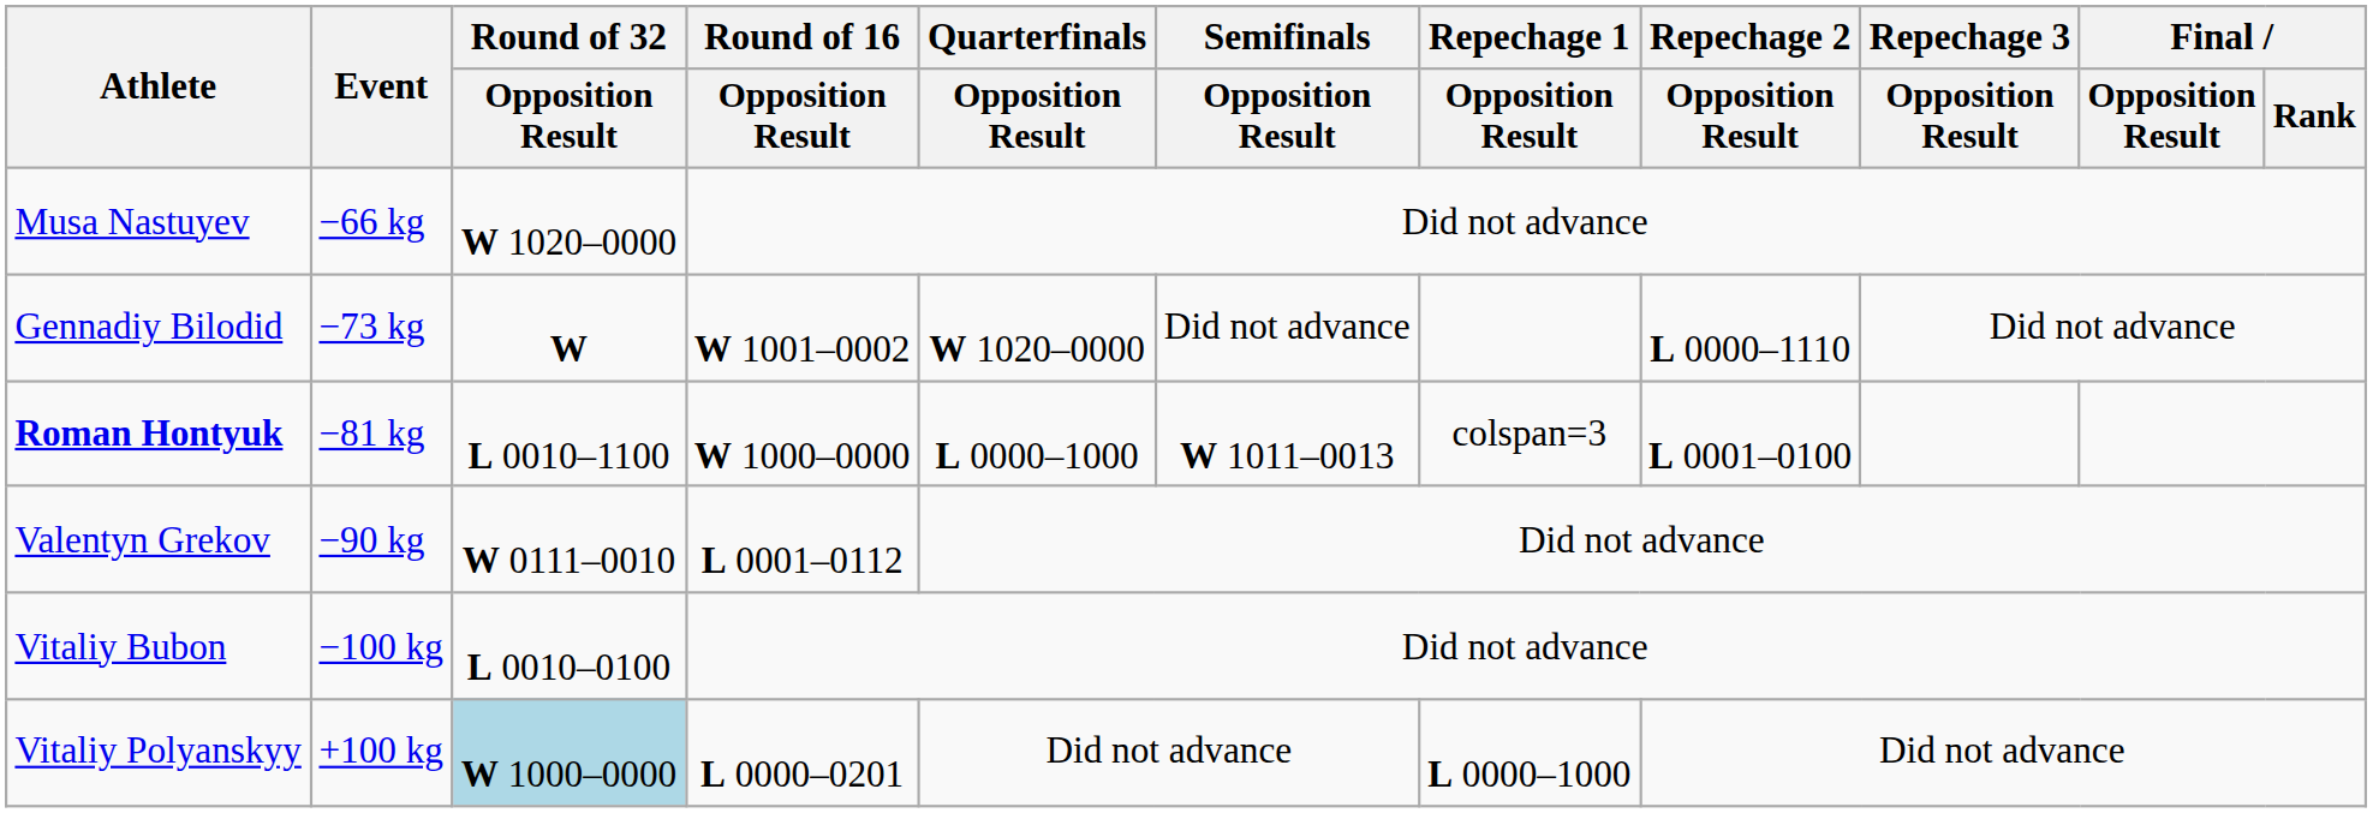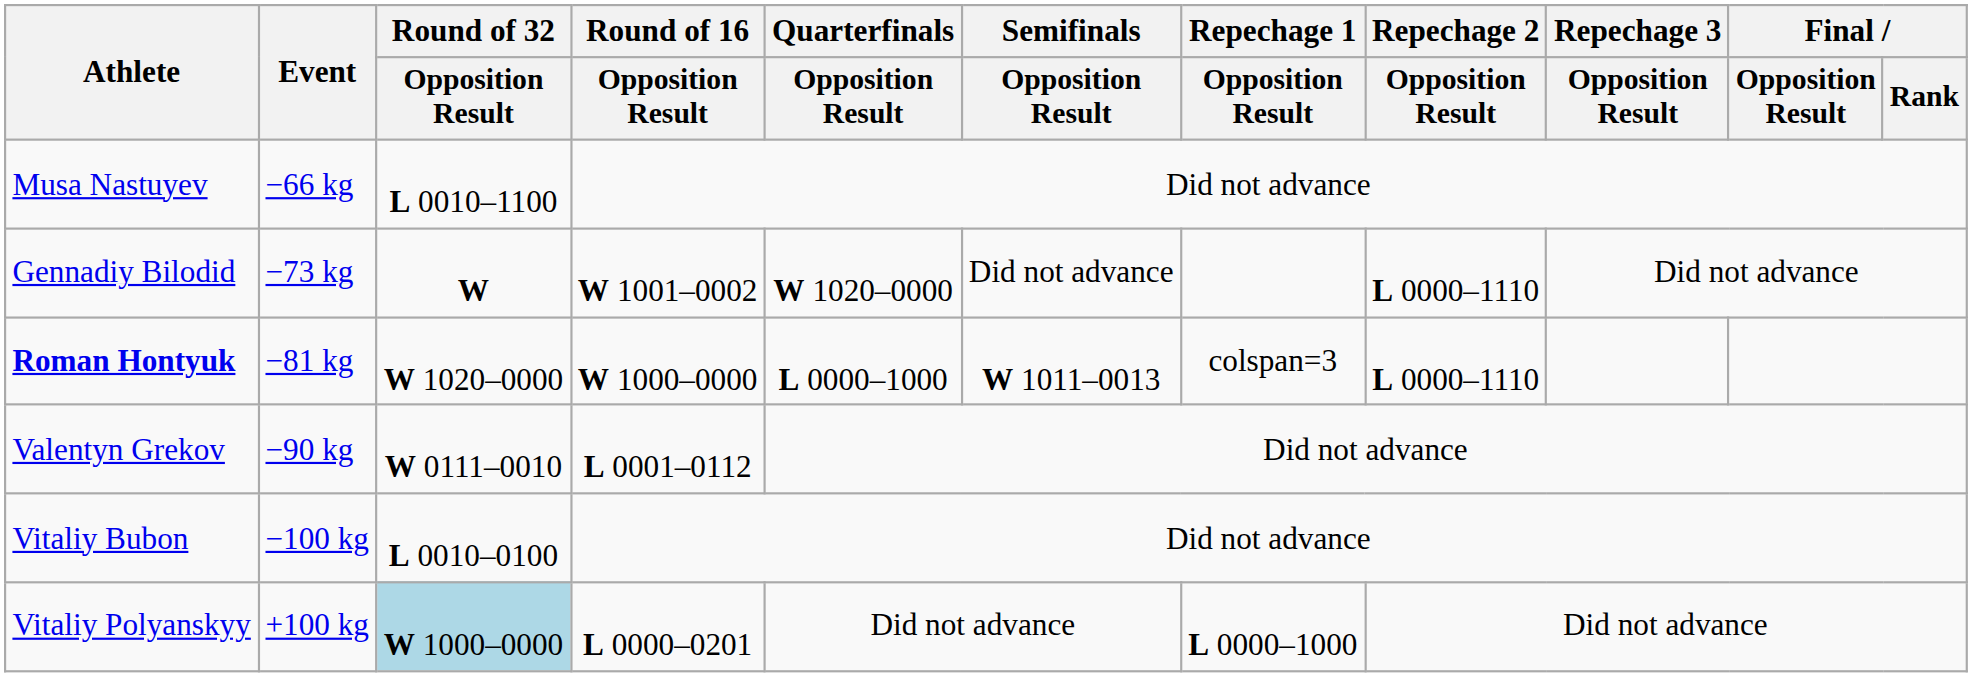 <table class="wikitable" style="font-size:90%">
 <tr>
 <th rowspan="2">Athlete</th>
 <th rowspan="2">Event</th>
 <th>Round of 32</th>
 <th>Round of 16</th>
 <th>Quarterfinals</th>
 <th>Semifinals</th>
 <th>Repechage 1</th>
 <th>Repechage 2</th>
 <th>Repechage 3</th>
 <th colspan=2>Final / </th>
 </tr>
 <tr style="font-size:95%">
 <th>Opposition<br>Result</th>
 <th>Opposition<br>Result</th>
 <th>Opposition<br>Result</th>
 <th>Opposition<br>Result</th>
 <th>Opposition<br>Result</th>
 <th>Opposition<br>Result</th>
 <th>Opposition<br>Result</th>
 <th>Opposition<br>Result</th>
 <th>Rank</th>
 </tr>
 <tr align=center>
 <td align=left><a href='#'>Musa Nastuyev</a></td>
 <td align=left><a href='#'>−66 kg</a></td>
-<td><br><strong>W</strong> 1020–0000</td>
+<td><br><strong>L</strong> 0010–1100</td>
 <td colspan=8>Did not advance</td>
 </tr>
 <tr align=center>
 <td align=left><a href='#'>Gennadiy Bilodid</a></td>
 <td align=left><a href='#'>−73 kg</a></td>
 <td><br><strong>W</strong> </td>
 <td><br><strong>W</strong> 1001–0002</td>
 <td><br><strong>W</strong> 1020–0000</td>
 <td>Did not advance</td>
 <td></td>
 <td><br><strong>L</strong> 0000–1110</td>
 <td colspan=3>Did not advance</td>
 </tr>
 <tr align=center>
 <td align=left><strong><a href='#'>Roman Hontyuk</a></strong></td>
 <td align=left><a href='#'>−81 kg</a></td>
-<td><br><strong>L</strong> 0010–1100</td>
+<td><br><strong>W</strong> 1020–0000</td>
 <td><br><strong>W</strong> 1000–0000</td>
 <td><br><strong>L</strong> 0000–1000</td>
 <td><br><strong>W</strong> 1011–0013</td>
 <td>colspan=3 </td>
-<td><br><strong>L</strong> 0001–0100</td>
+<td><br><strong>L</strong> 0000–1110</td>
 <td></td>
 </tr>
 <tr align=center>
 <td align=left><a href='#'>Valentyn Grekov</a></td>
 <td align=left><a href='#'>−90 kg</a></td>
 <td><br><strong>W</strong> 0111–0010</td>
 <td><br><strong>L</strong> 0001–0112</td>
 <td colspan=7>Did not advance</td>
 </tr>
 <tr align=center>
 <td align=left><a href='#'>Vitaliy Bubon</a></td>
 <td align=left><a href='#'>−100 kg</a></td>
 <td><br><strong>L</strong> 0010–0100</td>
 <td colspan=8>Did not advance</td>
 </tr>
 <tr align=center>
 <td align=left><a href='#'>Vitaliy Polyanskyy</a></td>
 <td align=left><a href='#'>+100 kg</a></td>
 <td style="background: lightblue;"><br><strong>W</strong> 1000–0000</td>
 <td><br><strong>L</strong> 0000–0201</td>
 <td colspan=2>Did not advance</td>
 <td><br><strong>L</strong> 0000–1000</td>
 <td colspan=4>Did not advance</td>
 </tr>
 </table>
